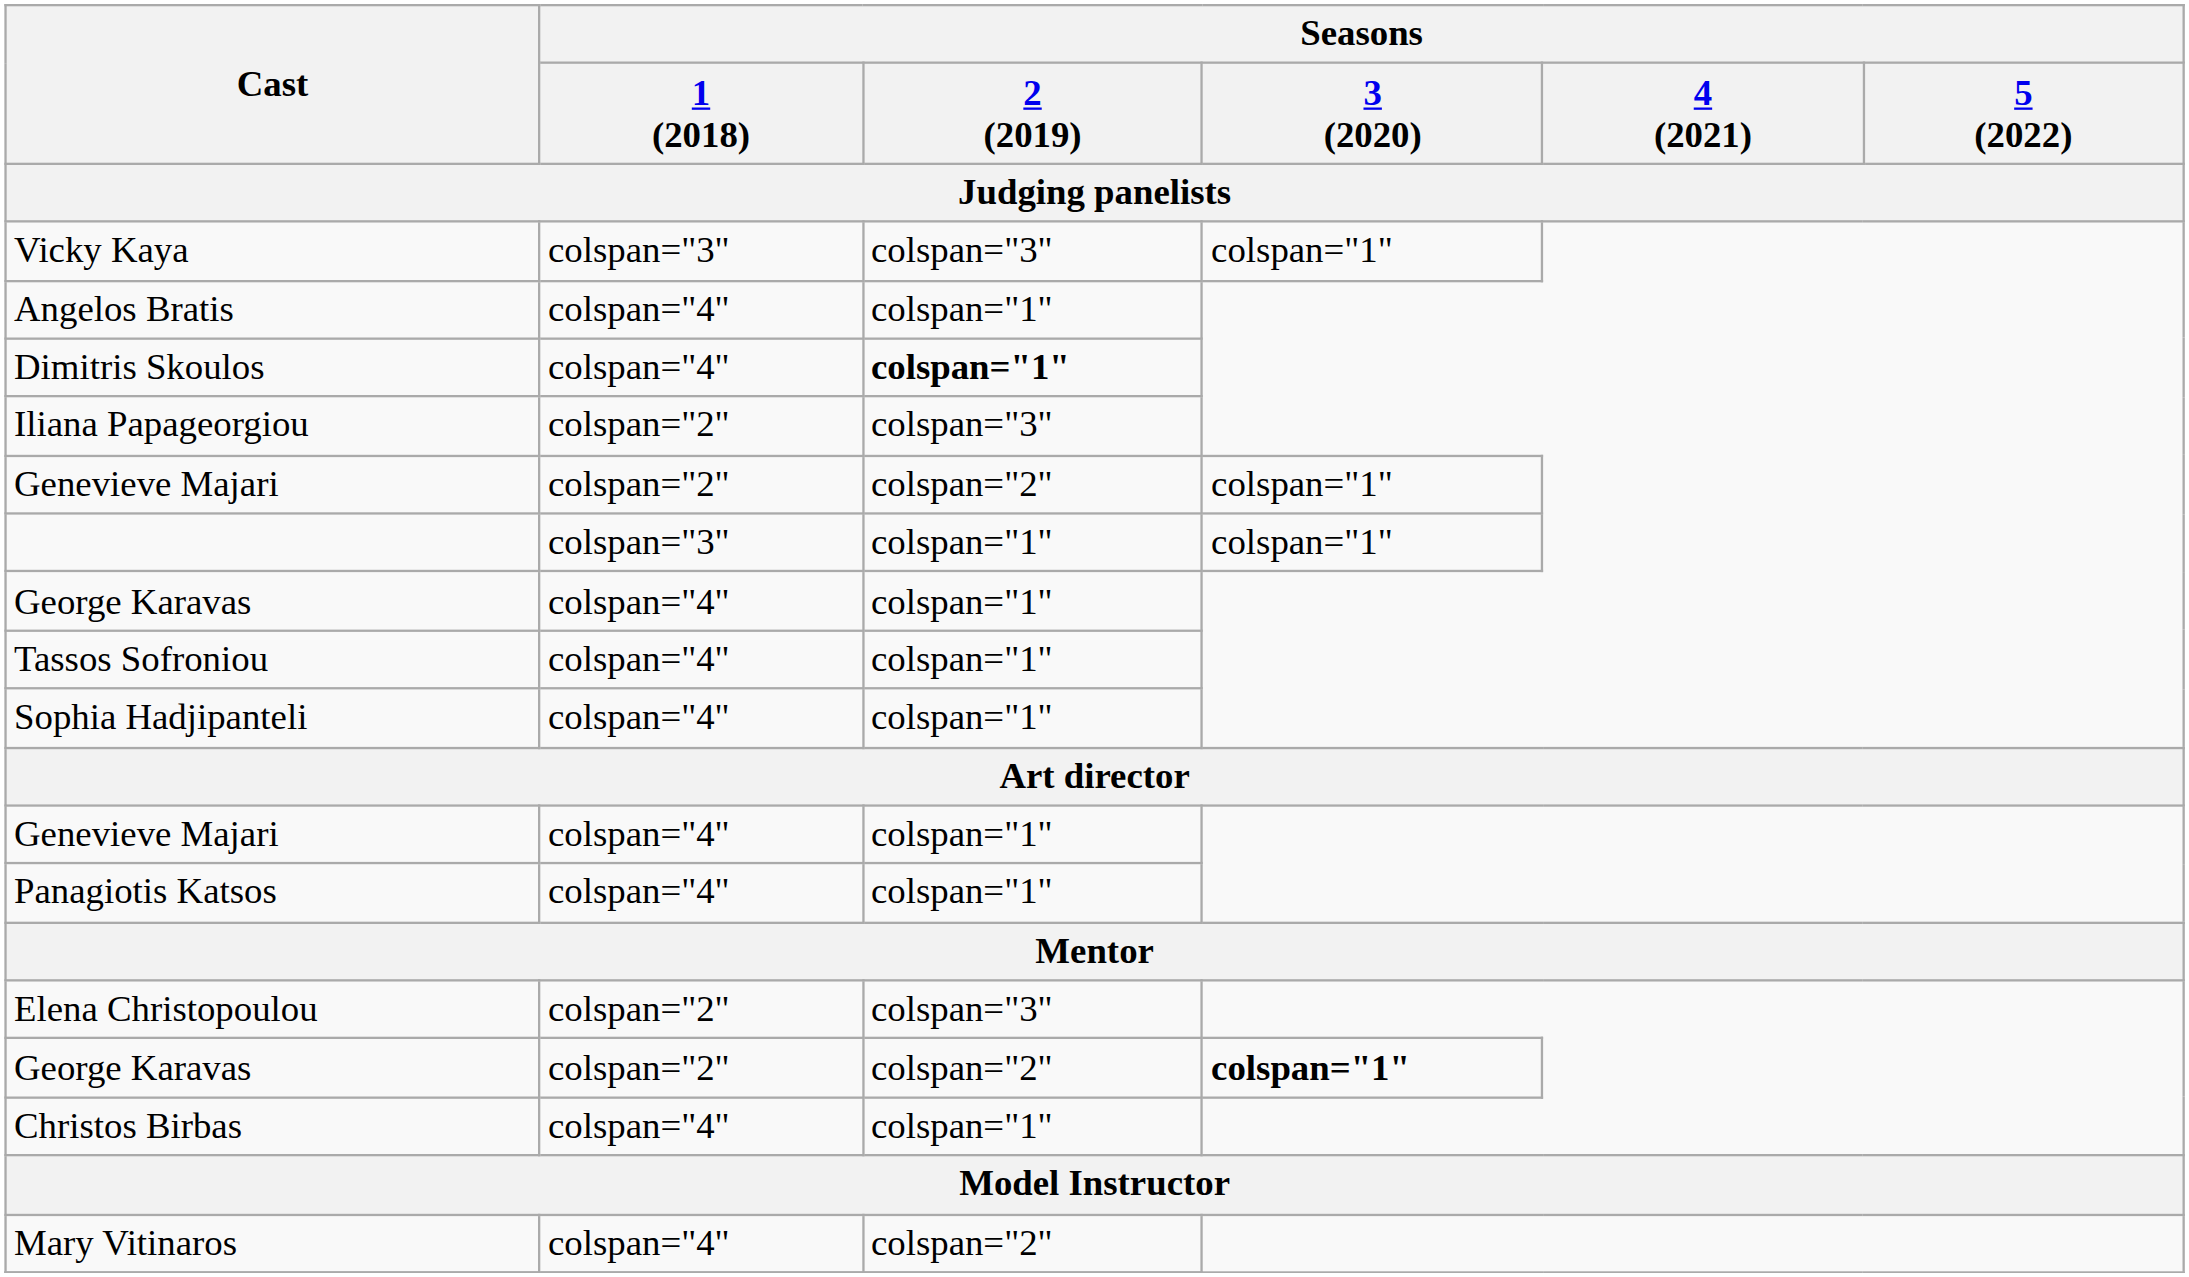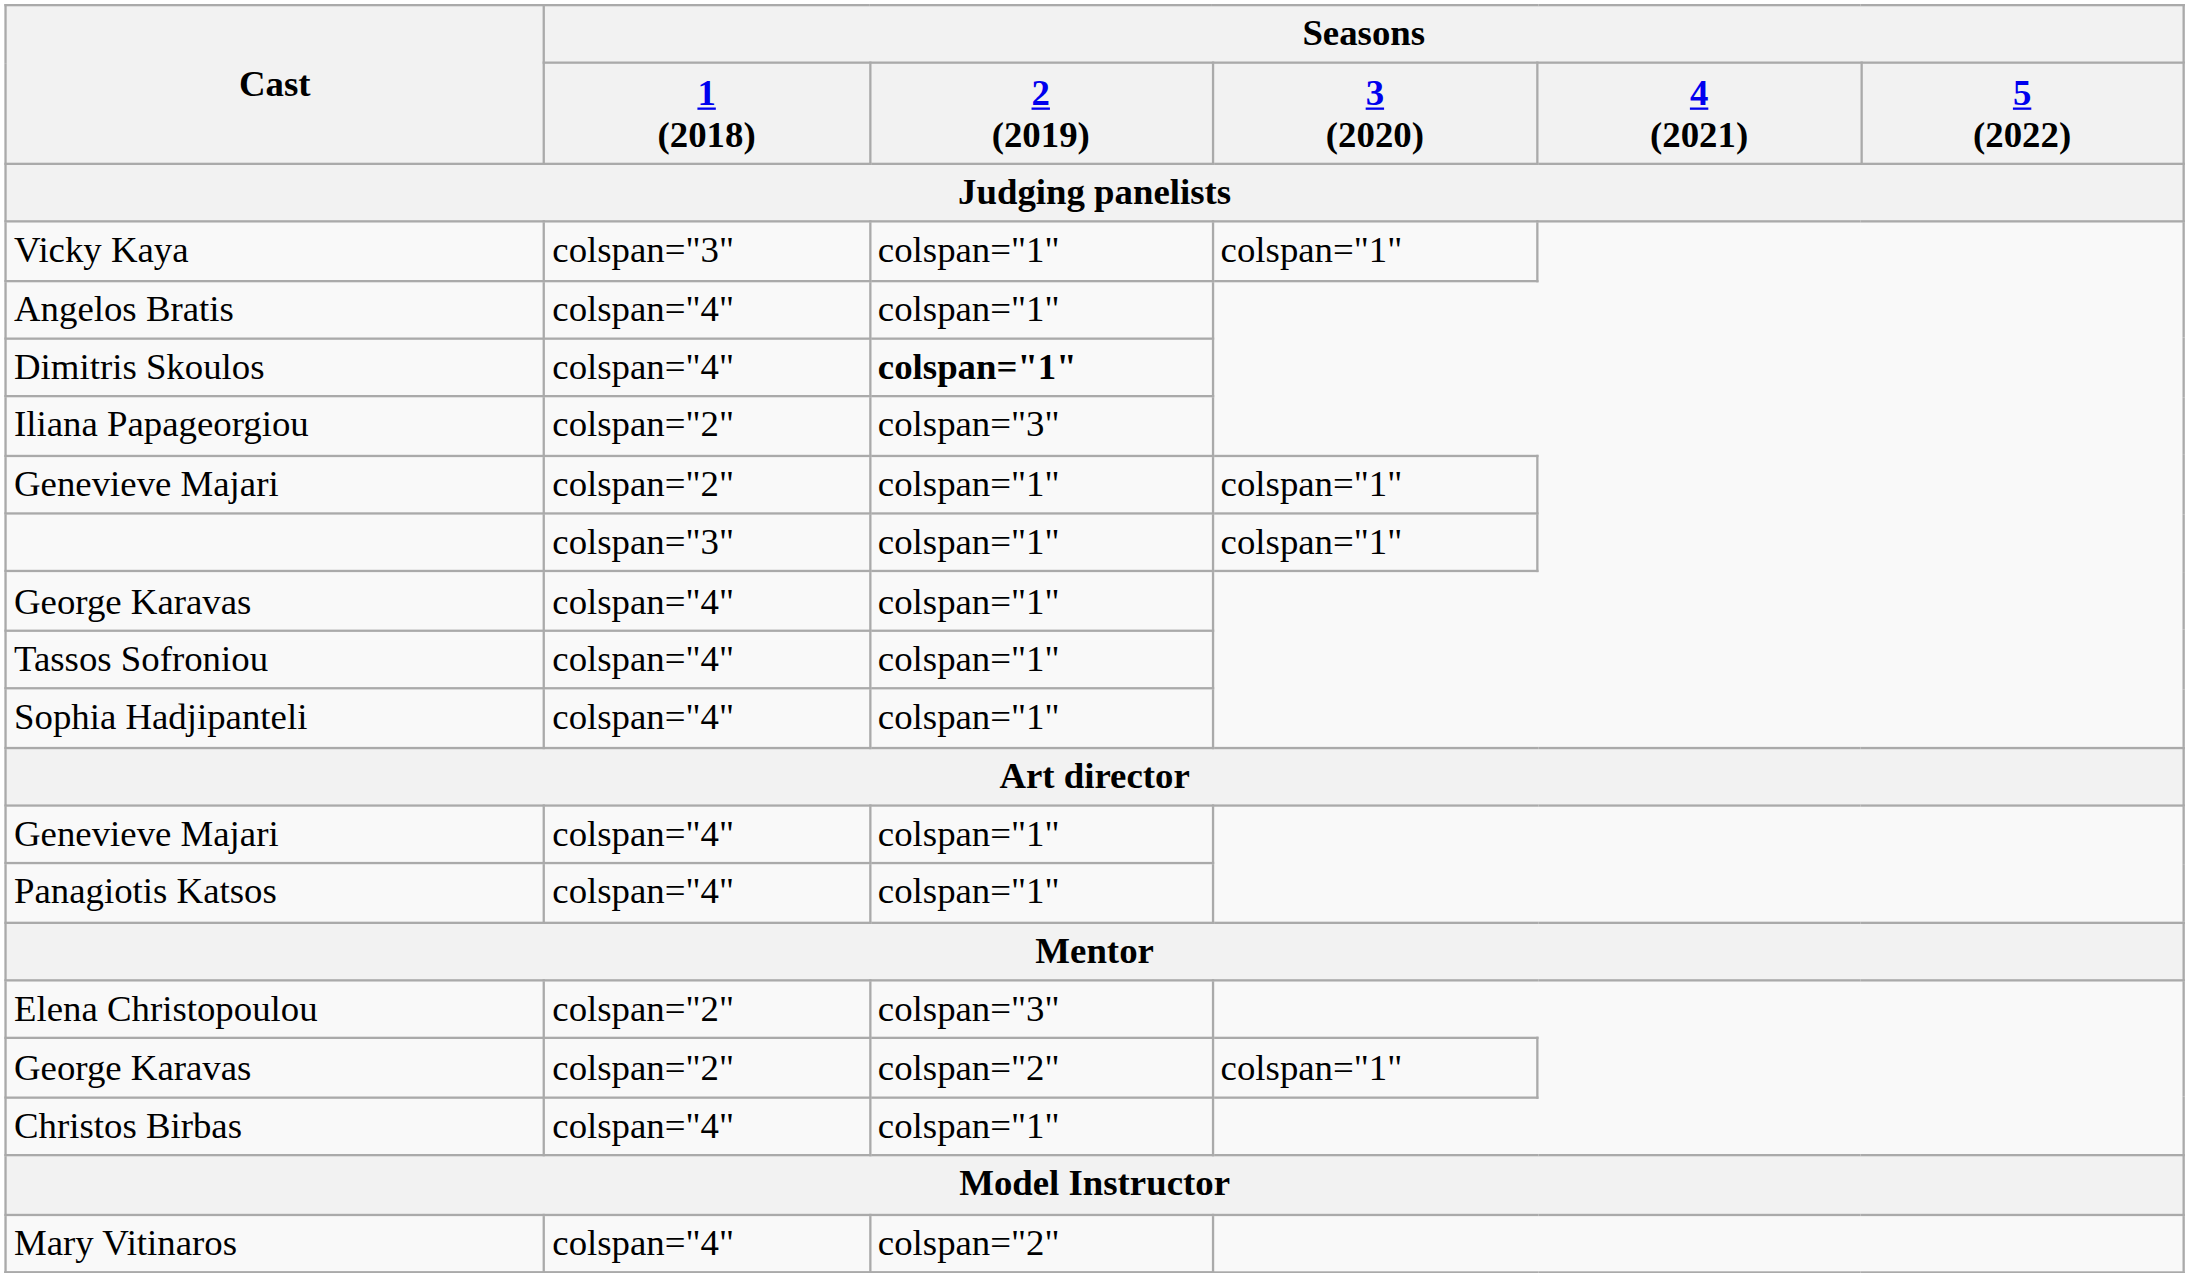 <table class="wikitable" style="margin:1em auto 1em auto; width: 75%;">
 <tr>
 <th rowspan="2" style="width: 15%;">Cast</th>
 <th colspan="5">Seasons</th>
 </tr>
 <tr>
 <th style="width: 09%;"><a href='#'>1</a><br> (2018)</th>
 <th style="width: 09%;"><a href='#'>2</a><br> (2019)</th>
 <th style="width: 09%;"><a href='#'>3</a><br> (2020)</th>
 <th style="width: 09%;"><a href='#'>4</a><br> (2021)</th>
 <th style="width: 09%;"><a href='#'>5</a><br> (2022)</th>
 </tr>
 <tr>
 <th scope="col" colspan="7">Judging panelists</th>
 </tr>
 <tr>
 <td scope="row">Vicky Kaya</td>
 <td>colspan="3" </td>
-<td>colspan="3" </td>
+<td>colspan="1" </td>
 <td>colspan="1" </td>
 </tr>
 <tr>
 <td scope="row">Angelos Bratis</td>
 <td>colspan="4" </td>
 <td>colspan="1" </td>
 </tr>
 <tr>
 <td scope="row">Dimitris Skoulos</td>
 <td>colspan="4" </td>
 <td><strong>colspan="1" </strong></td>
 </tr>
 <tr>
 <td scope="row">Iliana Papageorgiou</td>
 <td>colspan="2" </td>
 <td>colspan="3" </td>
 </tr>
 <tr>
 <td scope="row">Genevieve Majari</td>
 <td>colspan="2" </td>
-<td>colspan="2" </td>
+<td>colspan="1" </td>
 <td>colspan="1" </td>
 </tr>
 <tr>
 <td scope="row"></td>
 <td>colspan="3" </td>
 <td>colspan="1" </td>
 <td>colspan="1" </td>
 </tr>
 <tr>
 <td scope="row">George Karavas</td>
 <td>colspan="4" </td>
 <td>colspan="1" </td>
 </tr>
 <tr>
 <td scope="row">Tassos Sofroniou</td>
 <td>colspan="4" </td>
 <td>colspan="1" </td>
 </tr>
 <tr>
 <td scope="row">Sophia Hadjipanteli</td>
 <td>colspan="4" </td>
 <td>colspan="1" </td>
 </tr>
 <tr>
 <th scope="col" colspan="7">Art director</th>
 </tr>
 <tr>
 <td scope="row">Genevieve Majari</td>
 <td>colspan="4" </td>
 <td>colspan="1" </td>
 </tr>
 <tr>
 <td scope="row">Panagiotis Katsos</td>
 <td>colspan="4" </td>
 <td>colspan="1" </td>
 </tr>
 <tr>
 <th scope="col" colspan="7">Mentor</th>
 </tr>
 <tr>
 <td scope="row">Elena Christopoulou</td>
 <td>colspan="2" </td>
 <td>colspan="3" </td>
 </tr>
 <tr>
 <td scope="row">George Karavas</td>
 <td>colspan="2" </td>
 <td>colspan="2" </td>
-<td><strong>colspan="1" </strong></td>
+<td>colspan="1" </td>
 </tr>
 <tr>
 <td scope="row">Christos Birbas</td>
 <td>colspan="4" </td>
 <td>colspan="1" </td>
 </tr>
 <tr>
 <th scope="col" colspan="7">Model Instructor</th>
 </tr>
 <tr>
 <td scope="row">Mary Vitinaros</td>
 <td>colspan="4" </td>
 <td>colspan="2" </td>
 </tr>
 <tr>
 </tr>
 </table>
